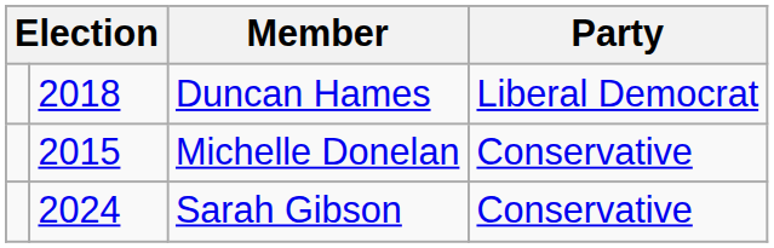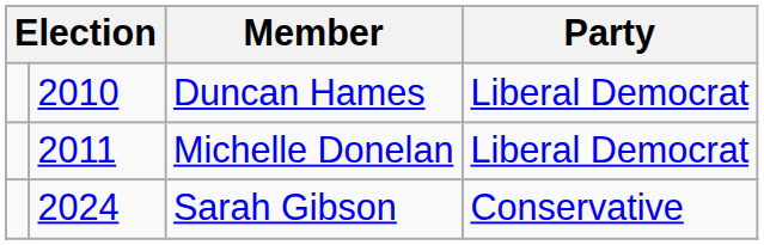 <table class="wikitable">
 <tr>
 <th colspan="2">Election</th>
 <th>Member</th>
 <th>Party</th>
 </tr>
 <tr>
 <td style="color:inherit;background-color: "></td>
-<td><a href='#'>2018</a></td>
+<td><a href='#'>2010</a></td>
 <td><a href='#'>Duncan Hames</a></td>
 <td><a href='#'>Liberal Democrat</a></td>
 </tr>
 <tr>
 <td style="color:inherit;background-color: "></td>
-<td><a href='#'>2015</a></td>
+<td><a href='#'>2011</a></td>
 <td><a href='#'>Michelle Donelan</a></td>
-<td><a href='#'>Conservative</a></td>
+<td><a href='#'>Liberal Democrat</a></td>
 </tr>
 <tr>
 <td style="color:inherit;background-color: "></td>
 <td><a href='#'>2024</a></td>
 <td><a href='#'>Sarah Gibson</a></td>
 <td><a href='#'>Conservative</a></td>
 </tr>
 </table>
